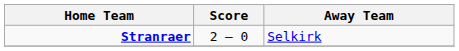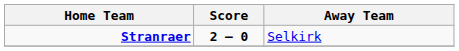 <table class="wikitable" style="border-collapse: collapse;">
 <tr>
 <th align="right" width="185">Home Team</th>
 <th align="center" width="65"> Score </th>
 <th align="left" width="185">Away Team</th>
 </tr>
 <tr>
 <td style="text-align: right;"><strong><a href='#'>Stranraer</a></strong></td>
-<td style="text-align: center;">2 – 0</td>
+<td style="text-align: center;"><strong>2 – 0</strong></td>
 <td style="text-align: left;"><a href='#'>Selkirk</a></td>
 </tr>
 <tr>
 </tr>
 </table>
